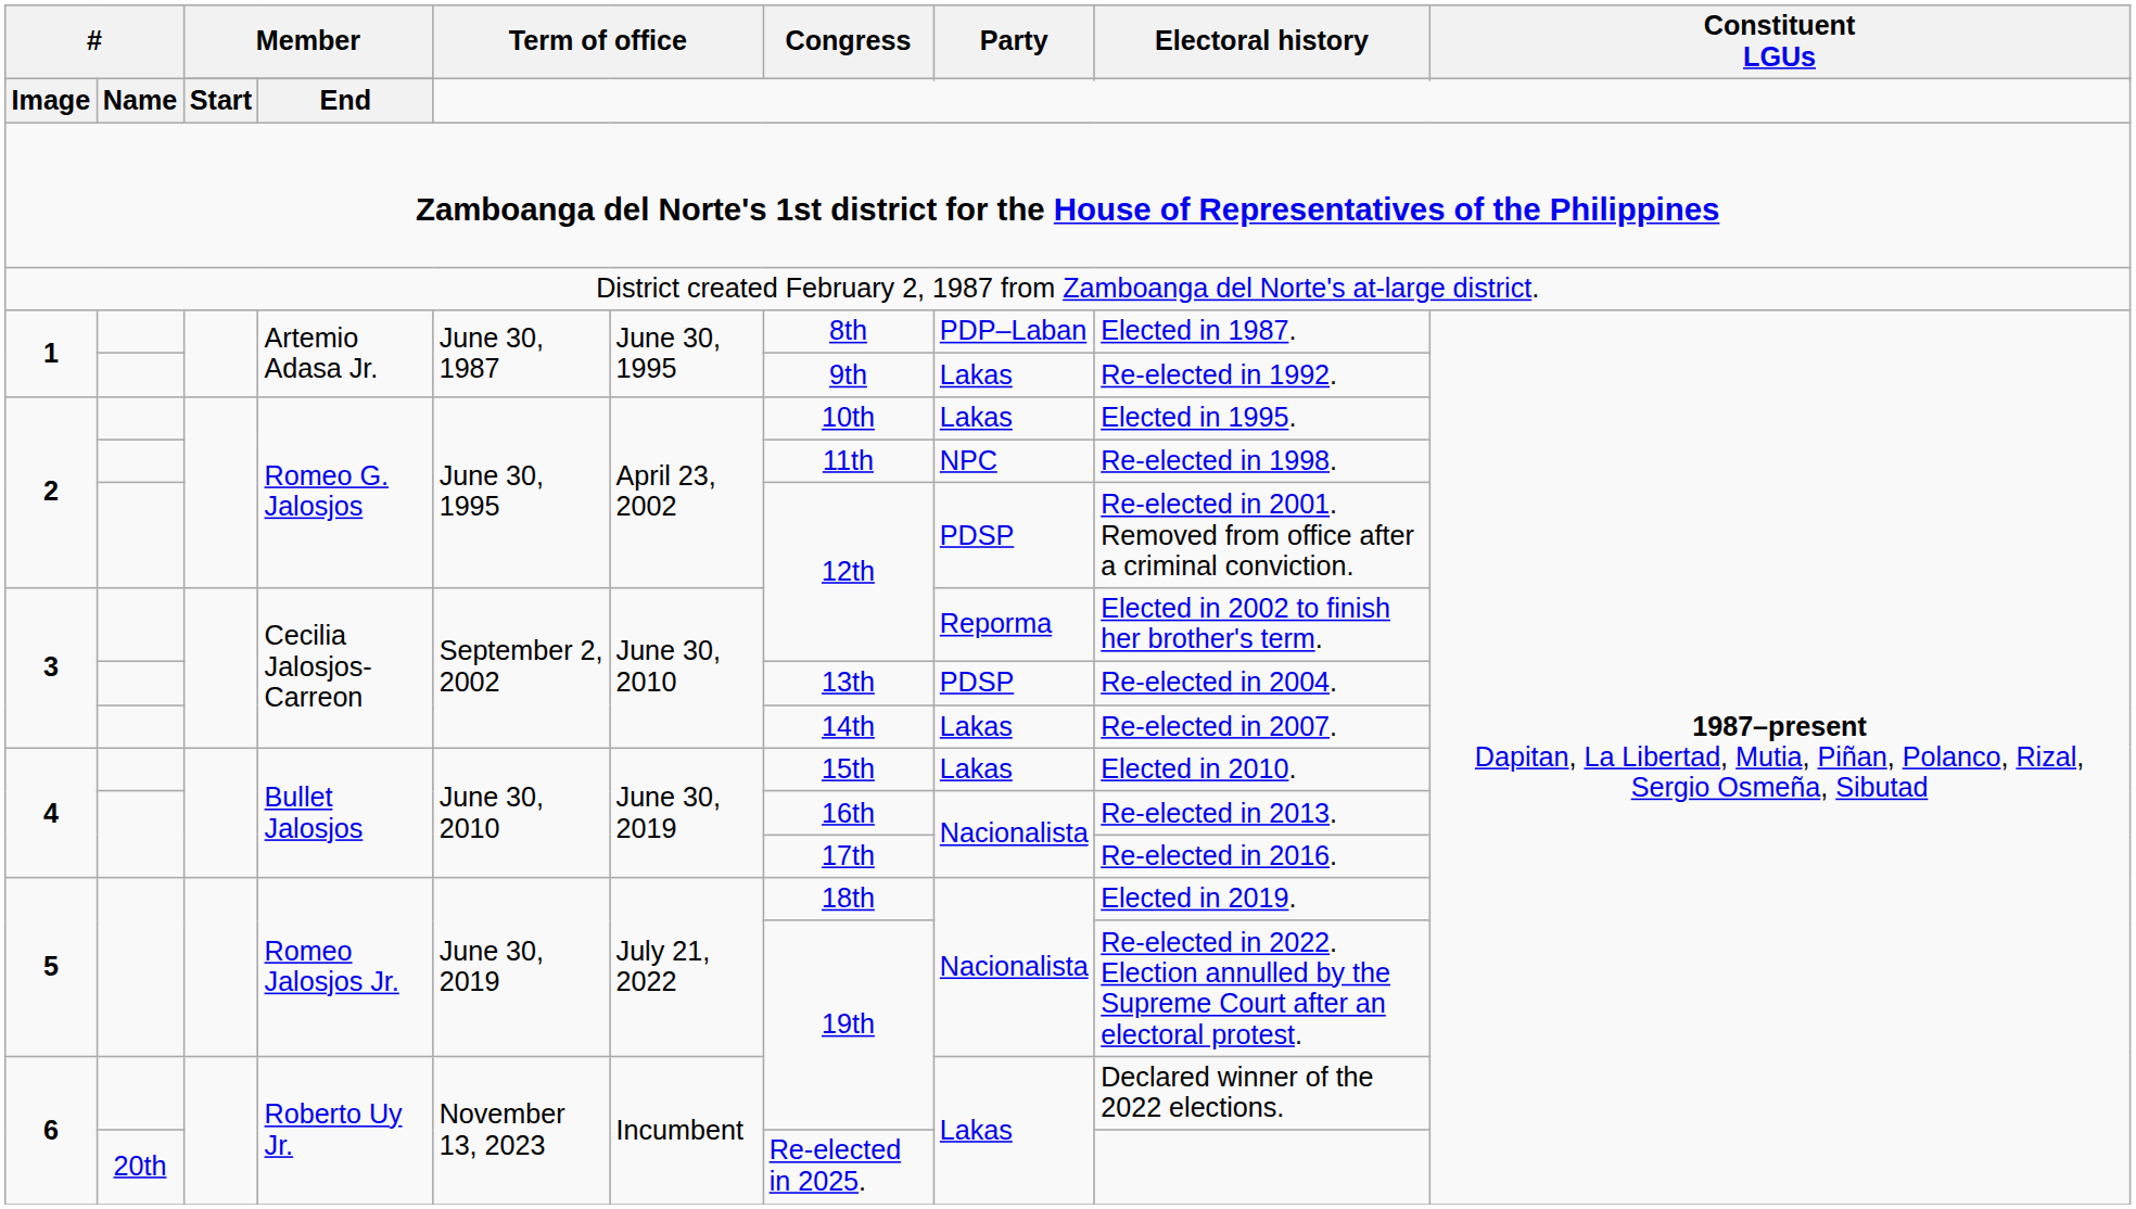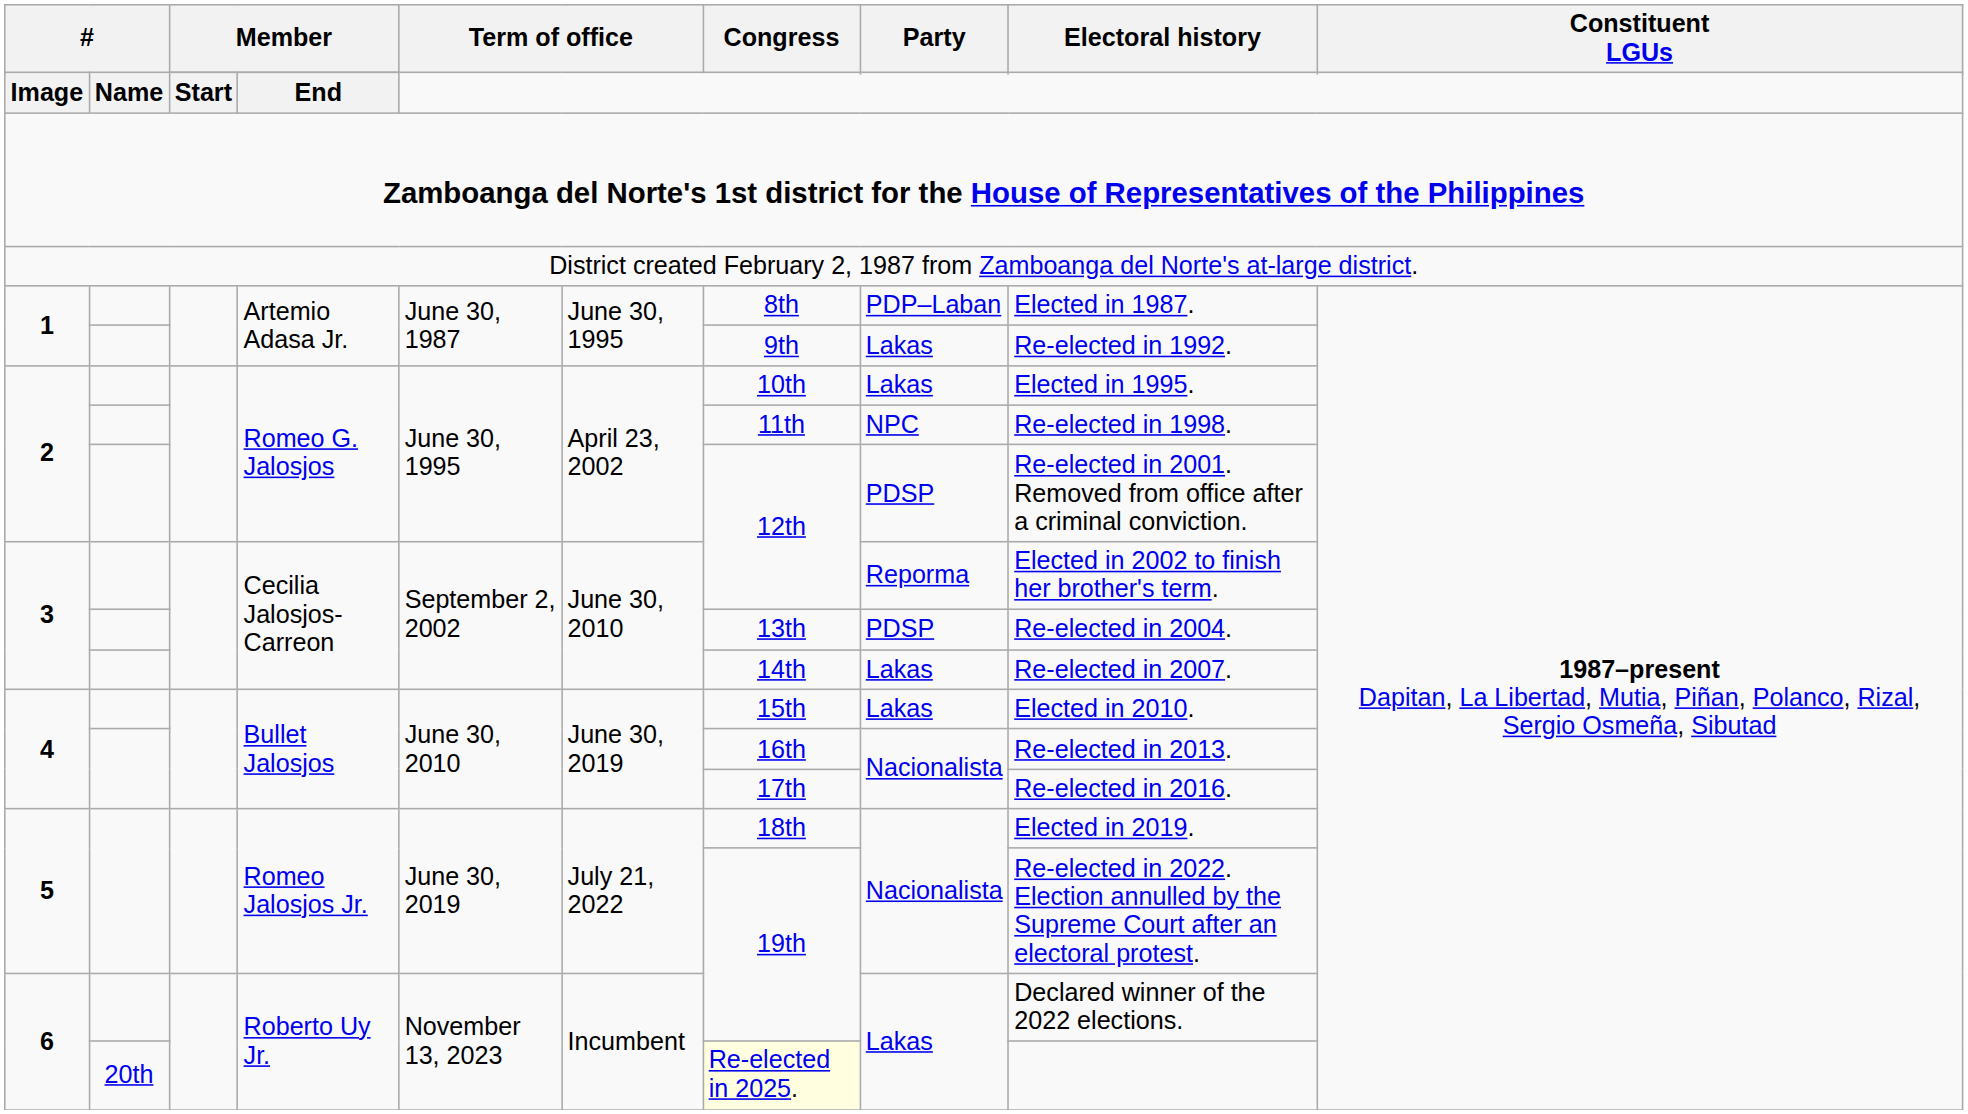 <table class="wikitable">
 <tr>
 <th rowspan="2" colspan="2">#</th>
 <th colspan="2">Member</th>
 <th colspan="2">Term of office</th>
 <th rowspan="2">Congress</th>
 <th rowspan="2">Party</th>
 <th rowspan="2">Electoral history</th>
 <th rowspan="2" width="33%">Constituent<br><a href='#'>LGUs</a></th>
 </tr>
 <tr>
 </tr>
 <tr>
 <th>Image</th>
 <th>Name<br></th>
 <th>Start</th>
 <th>End</th>
 </tr>
 <tr>
 <td colspan="10" style="text-align:center;"><br><h3>Zamboanga del Norte's 1st district for the <a href='#'>House of Representatives of the Philippines</a></h3></td>
 </tr>
 <tr>
 <td colspan="10" style="text-align:center;">District created February 2, 1987 from <a href='#'>Zamboanga del Norte's at-large district</a>.</td>
 </tr>
 <tr>
 <td rowspan="2" style="text-align:center;"><strong>1</strong></td>
 <td style="color:inherit;background:"></td>
 <td rowspan="2"></td>
 <td rowspan="2">Artemio Adasa Jr.</td>
 <td rowspan="2">June 30, 1987</td>
 <td rowspan="2">June 30, 1995</td>
 <td style="text-align:center;"><a href='#'>8th</a></td>
 <td><a href='#'>PDP–Laban</a></td>
 <td><a href='#'>Elected in 1987</a>.</td>
 <td rowspan="16" style="text-align:center;"><strong>1987–present</strong><br><a href='#'>Dapitan</a>, <a href='#'>La Libertad</a>, <a href='#'>Mutia</a>, <a href='#'>Piñan</a>, <a href='#'>Polanco</a>, <a href='#'>Rizal</a>, <a href='#'>Sergio Osmeña</a>, <a href='#'>Sibutad</a></td>
 </tr>
 <tr>
 <td style="color:inherit;background:"></td>
 <td style="text-align:center;"><a href='#'>9th</a></td>
 <td><a href='#'>Lakas</a></td>
 <td><a href='#'>Re-elected in 1992</a>.</td>
 </tr>
 <tr>
 <td rowspan="3" style="text-align:center;"><strong>2</strong></td>
 <td style="color:inherit;background:"></td>
 <td rowspan="3"></td>
 <td rowspan="3"><a href='#'>Romeo G. Jalosjos</a></td>
 <td rowspan="3">June 30, 1995</td>
 <td rowspan="3">April 23, 2002</td>
 <td style="text-align:center;"><a href='#'>10th</a></td>
 <td><a href='#'>Lakas</a></td>
 <td><a href='#'>Elected in 1995</a>.</td>
 </tr>
 <tr>
 <td style="color:inherit;background:"></td>
 <td style="text-align:center;"><a href='#'>11th</a></td>
 <td><a href='#'>NPC</a></td>
 <td><a href='#'>Re-elected in 1998</a>.</td>
 </tr>
 <tr>
 <td style="color:inherit;background-color:"></td>
 <td style="text-align:center;" rowspan="2"><a href='#'>12th</a></td>
 <td><a href='#'>PDSP</a></td>
 <td><a href='#'>Re-elected in 2001</a>.<br>Removed from office after a criminal conviction.</td>
 </tr>
 <tr>
 <td rowspan="3" style="text-align:center;"><strong>3</strong></td>
 <td style="color:inherit;background-color:"></td>
 <td rowspan="3"></td>
 <td rowspan="3">Cecilia Jalosjos-Carreon</td>
 <td rowspan="3">September 2, 2002</td>
 <td rowspan="3">June 30, 2010</td>
 <td><a href='#'>Reporma</a></td>
 <td><a href='#'>Elected in 2002 to finish her brother's term</a>.</td>
 </tr>
 <tr>
 <td style="color:inherit;background-color:"></td>
 <td style="text-align:center;"><a href='#'>13th</a></td>
 <td><a href='#'>PDSP</a></td>
 <td><a href='#'>Re-elected in 2004</a>.</td>
 </tr>
 <tr>
 <td style="color:inherit;background:"></td>
 <td style="text-align:center;"><a href='#'>14th</a></td>
 <td><a href='#'>Lakas</a></td>
 <td><a href='#'>Re-elected in 2007</a>.</td>
 </tr>
 <tr>
 <td rowspan="3" style="text-align:center;"><strong>4</strong></td>
 <td style="color:inherit;background:"></td>
 <td rowspan="3"></td>
 <td rowspan="3"><a href='#'>Bullet Jalosjos</a></td>
 <td rowspan="3">June 30, 2010</td>
 <td rowspan="3">June 30, 2019</td>
 <td style="text-align:center;"><a href='#'>15th</a></td>
 <td><a href='#'>Lakas</a></td>
 <td><a href='#'>Elected in 2010</a>.</td>
 </tr>
 <tr>
 <td rowspan="2" style="color:inherit;background:"></td>
 <td style="text-align:center;"><a href='#'>16th</a></td>
 <td rowspan="2"><a href='#'>Nacionalista</a></td>
 <td><a href='#'>Re-elected in 2013</a>.</td>
 </tr>
 <tr>
 <td style="text-align:center;"><a href='#'>17th</a></td>
 <td><a href='#'>Re-elected in 2016</a>.</td>
 </tr>
 <tr>
 <td rowspan="2" style="text-align:center;"><strong>5</strong></td>
 <td rowspan="2" style="color:inherit;background:"></td>
 <td rowspan="2"></td>
 <td rowspan="2"><a href='#'>Romeo Jalosjos Jr.</a></td>
 <td rowspan="2">June 30, 2019</td>
 <td rowspan="2">July 21, 2022</td>
 <td style="text-align:center;"><a href='#'>18th</a></td>
 <td rowspan="2"><a href='#'>Nacionalista</a></td>
 <td><a href='#'>Elected in 2019</a>.</td>
 </tr>
 <tr>
 <td rowspan="2" style="text-align:center;"><a href='#'>19th</a></td>
 <td><a href='#'>Re-elected in 2022</a>.<br><a href='#'>Election annulled by the Supreme Court after an electoral protest</a>.</td>
 </tr>
 <tr>
 <td style="text-align:center;" rowspan="2"><strong>6</strong></td>
 <td style="color:inherit;background:"></td>
 <td rowspan="2"></td>
 <td rowspan="2"><a href='#'>Roberto Uy Jr.</a></td>
 <td rowspan="2">November 13, 2023</td>
 <td rowspan="2">Incumbent</td>
 <td rowspan="2"><a href='#'>Lakas</a></td>
 <td>Declared winner of the 2022 elections.</td>
 </tr>
 <tr>
 <td style="text-align:center;"><a href='#'>20th</a></td>
-<td><a href='#'>Re-elected in 2025</a>.</td>
+<td style="background: lightyellow;"><a href='#'>Re-elected in 2025</a>.</td>
 </tr>
 </table>
